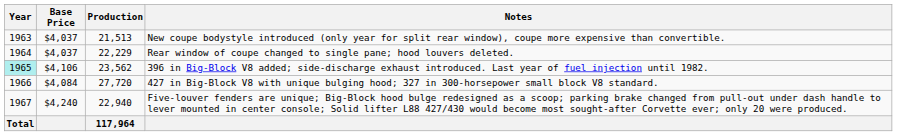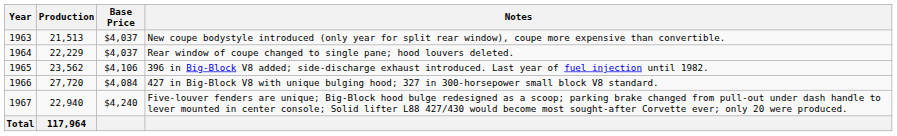 <table class="wikitable" style="text-align:center;">
 <tr>
 <th>Year</th>
+<th>Production</th>
 <th>Base Price</th>
-<th>Production</th>
 <th>Notes</th>
 </tr>
 <tr>
 <td>1963</td>
+<td>21,513</td>
 <td>$4,037</td>
-<td>21,513</td>
 <td align="left">New coupe bodystyle introduced (only year for split rear window), coupe more expensive than convertible.</td>
 </tr>
 <tr>
 <td>1964</td>
+<td>22,229</td>
 <td>$4,037</td>
-<td>22,229</td>
 <td align="left">Rear window of coupe changed to single pane; hood louvers deleted.</td>
 </tr>
 <tr>
-<td style="background: paleturquoise;">1965</td>
+<td>1965</td>
+<td>23,562</td>
 <td>$4,106</td>
-<td>23,562</td>
 <td align="left">396 in <a href='#'>Big-Block</a> V8 added;  side-discharge exhaust introduced. Last year of <a href='#'>fuel injection</a> until 1982.</td>
 </tr>
 <tr>
 <td>1966</td>
+<td>27,720</td>
 <td>$4,084</td>
-<td>27,720</td>
 <td align="left">427 in Big-Block V8 with unique bulging hood; 327 in 300-horsepower small block V8 standard.</td>
 </tr>
 <tr>
 <td>1967</td>
+<td>22,940</td>
 <td>$4,240</td>
-<td>22,940</td>
 <td align="left">Five-louver fenders are unique; Big-Block hood bulge redesigned as a scoop; parking brake changed from pull-out under dash handle to lever mounted in center console; Solid lifter L88 427/430 would become most sought-after Corvette ever; only 20 were produced.</td>
 </tr>
 <tr>
 <th>Total</th>
+<th>117,964</th>
 <th></th>
-<th>117,964</th>
 <th></th>
 </tr>
 </table>
